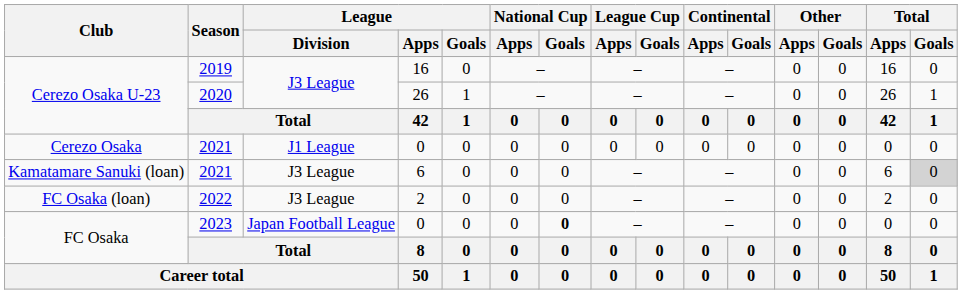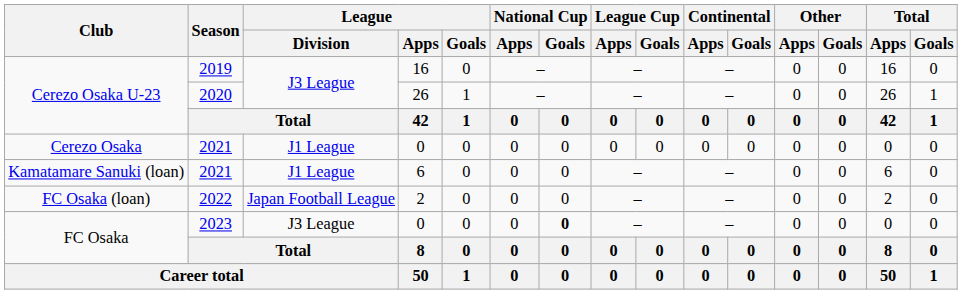 <table class="wikitable" style="text-align: center">
 <tr>
 <th rowspan="2">Club</th>
 <th rowspan="2">Season</th>
 <th colspan="3">League</th>
 <th colspan="2">National Cup</th>
 <th colspan="2">League Cup</th>
 <th colspan="2">Continental</th>
 <th colspan="2">Other</th>
 <th colspan="2">Total</th>
 </tr>
 <tr>
 <th>Division</th>
 <th>Apps</th>
 <th>Goals</th>
 <th>Apps</th>
 <th>Goals</th>
 <th>Apps</th>
 <th>Goals</th>
 <th>Apps</th>
 <th>Goals</th>
 <th>Apps</th>
 <th>Goals</th>
 <th>Apps</th>
 <th>Goals</th>
 </tr>
 <tr>
 <td rowspan="3"><a href='#'>Cerezo Osaka U-23</a></td>
 <td><a href='#'>2019</a></td>
 <td rowspan="2"><a href='#'>J3 League</a></td>
 <td>16</td>
 <td>0</td>
 <td colspan="2">–</td>
 <td colspan="2">–</td>
 <td colspan="2">–</td>
 <td>0</td>
 <td>0</td>
 <td>16</td>
 <td>0</td>
 </tr>
 <tr>
 <td><a href='#'>2020</a></td>
 <td>26</td>
 <td>1</td>
 <td colspan="2">–</td>
 <td colspan="2">–</td>
 <td colspan="2">–</td>
 <td>0</td>
 <td>0</td>
 <td>26</td>
 <td>1</td>
 </tr>
 <tr>
 <th colspan=2>Total</th>
 <th>42</th>
 <th>1</th>
 <th>0</th>
 <th>0</th>
 <th>0</th>
 <th>0</th>
 <th>0</th>
 <th>0</th>
 <th>0</th>
 <th>0</th>
 <th>42</th>
 <th>1</th>
 </tr>
 <tr>
 <td><a href='#'>Cerezo Osaka</a></td>
 <td><a href='#'>2021</a></td>
 <td><a href='#'>J1 League</a></td>
 <td>0</td>
 <td>0</td>
 <td>0</td>
 <td>0</td>
 <td>0</td>
 <td>0</td>
 <td>0</td>
 <td>0</td>
 <td>0</td>
 <td>0</td>
 <td>0</td>
 <td>0</td>
 </tr>
 <tr>
 <td><a href='#'>Kamatamare Sanuki</a> (loan)</td>
 <td><a href='#'>2021</a></td>
-<td>J3 League</td>
+<td><a href='#'>J1 League</a></td>
 <td>6</td>
 <td>0</td>
 <td>0</td>
 <td>0</td>
 <td colspan="2">–</td>
 <td colspan="2">–</td>
 <td>0</td>
 <td>0</td>
 <td>6</td>
-<td style="background: lightgrey;">0</td>
+<td>0</td>
 </tr>
 <tr>
 <td><a href='#'>FC Osaka</a> (loan)</td>
 <td><a href='#'>2022</a></td>
-<td>J3 League</td>
+<td><a href='#'>Japan Football League</a></td>
 <td>2</td>
 <td>0</td>
 <td>0</td>
 <td>0</td>
 <td colspan="2">–</td>
 <td colspan="2">–</td>
 <td>0</td>
 <td>0</td>
 <td>2</td>
 <td>0</td>
 </tr>
 <tr>
 <td rowspan="2">FC Osaka</td>
 <td><a href='#'>2023</a></td>
-<td><a href='#'>Japan Football League</a></td>
+<td>J3 League</td>
 <td>0</td>
 <td>0</td>
 <td>0</td>
 <td><strong>0</strong></td>
 <td colspan="2">–</td>
 <td colspan="2">–</td>
 <td>0</td>
 <td>0</td>
 <td>0</td>
 <td>0</td>
 </tr>
 <tr>
 <th colspan=2>Total</th>
 <th>8</th>
 <th>0</th>
 <th>0</th>
 <th>0</th>
 <th>0</th>
 <th>0</th>
 <th>0</th>
 <th>0</th>
 <th>0</th>
 <th>0</th>
 <th>8</th>
 <th>0</th>
 </tr>
 <tr>
 <th colspan=3>Career total</th>
 <th>50</th>
 <th>1</th>
 <th>0</th>
 <th>0</th>
 <th>0</th>
 <th>0</th>
 <th>0</th>
 <th>0</th>
 <th>0</th>
 <th>0</th>
 <th>50</th>
 <th>1</th>
 </tr>
 </table>
